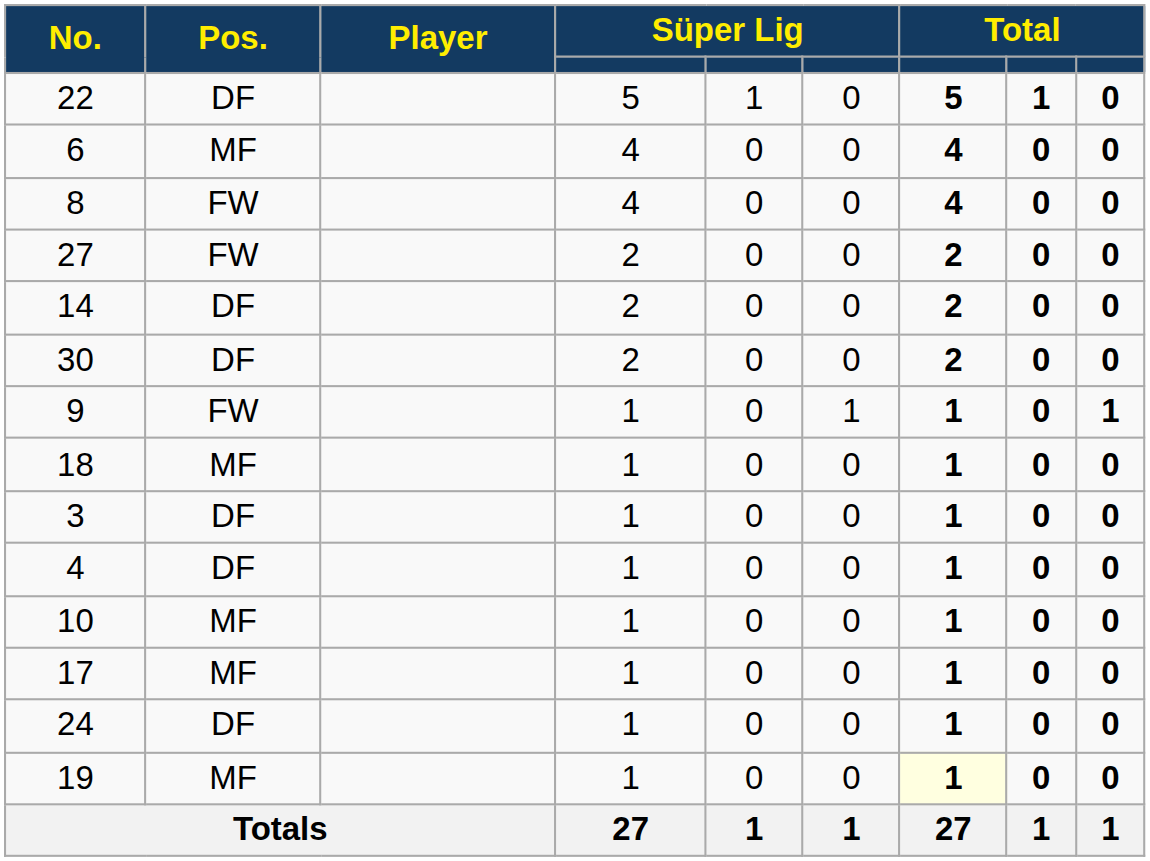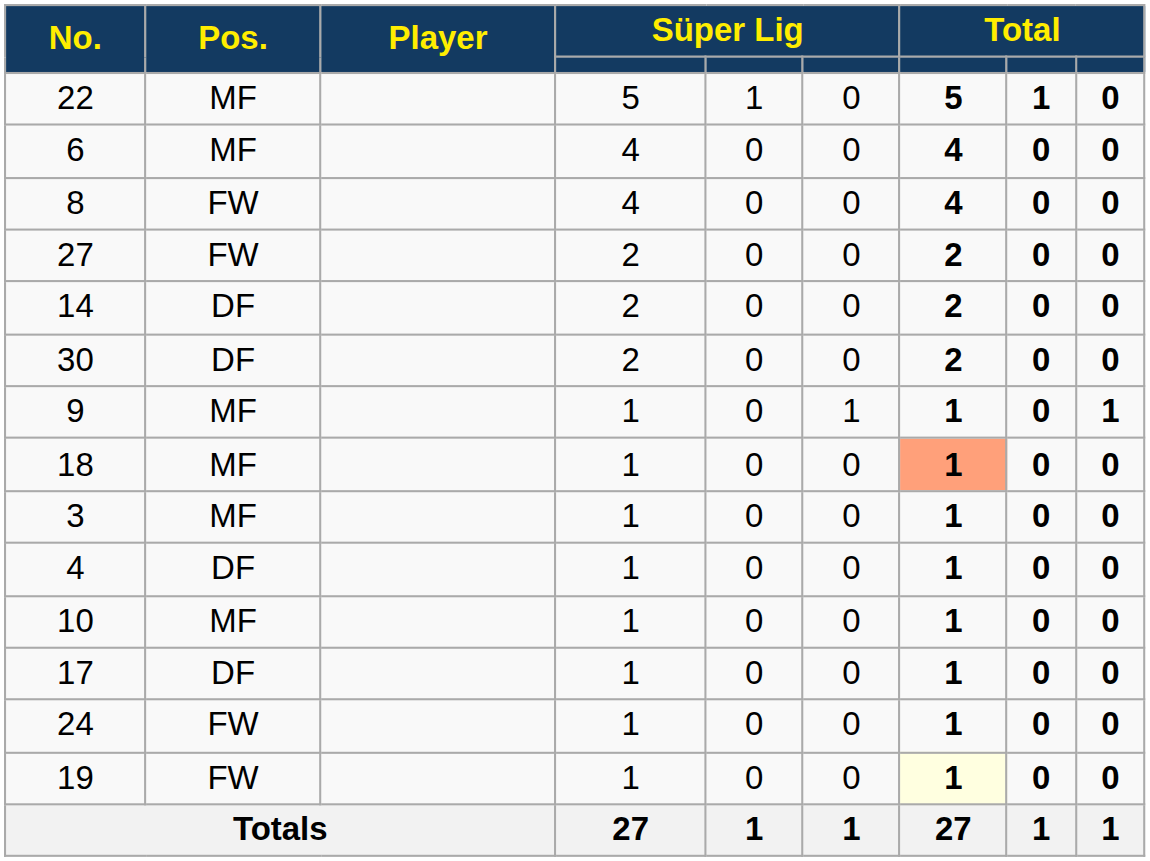 <table class="wikitable sortable" style="text-align:center;width:35%;">
 <tr>
 <th rowspan=2 style="background:#133A61; color:#FFED00; ">No.</th>
 <th rowspan=2 style="background:#133A61; color:#FFED00; ">Pos.</th>
 <th rowspan=2 style="background:#133A61; color:#FFED00; ">Player</th>
 <th colspan=3 style="background:#133A61; color:#FFED00; ">Süper Lig</th>
 <th colspan=3 style="background:#133A61; color:#FFED00; ">Total</th>
 </tr>
 <tr>
 <th style="background:#133A61; color:#FFED00; "></th>
 <th style="background:#133A61; color:#FFED00; "></th>
 <th style="background:#133A61; color:#FFED00; "></th>
 <th style="background:#133A61; color:#FFED00; "></th>
 <th style="background:#133A61; color:#FFED00; "></th>
 <th style="background:#133A61; color:#FFED00; "></th>
 </tr>
 <tr>
 <td>22</td>
-<td>DF</td>
+<td>MF</td>
 <td align=left> </td>
 <td>5</td>
 <td>1</td>
 <td>0</td>
 <td><strong>5</strong></td>
 <td><strong>1</strong></td>
 <td><strong>0</strong></td>
 </tr>
 <tr>
 <td>6</td>
 <td>MF</td>
 <td align=left> </td>
 <td>4</td>
 <td>0</td>
 <td>0</td>
 <td><strong>4</strong></td>
 <td><strong>0</strong></td>
 <td><strong>0</strong></td>
 </tr>
 <tr>
 <td>8</td>
 <td>FW</td>
 <td align=left> </td>
 <td>4</td>
 <td>0</td>
 <td>0</td>
 <td><strong>4</strong></td>
 <td><strong>0</strong></td>
 <td><strong>0</strong></td>
 </tr>
 <tr>
 <td>27</td>
 <td>FW</td>
 <td align=left> </td>
 <td>2</td>
 <td>0</td>
 <td>0</td>
 <td><strong>2</strong></td>
 <td><strong>0</strong></td>
 <td><strong>0</strong></td>
 </tr>
 <tr>
 <td>14</td>
 <td>DF</td>
 <td align=left> </td>
 <td>2</td>
 <td>0</td>
 <td>0</td>
 <td><strong>2</strong></td>
 <td><strong>0</strong></td>
 <td><strong>0</strong></td>
 </tr>
 <tr>
 <td>30</td>
 <td>DF</td>
 <td align=left> </td>
 <td>2</td>
 <td>0</td>
 <td>0</td>
 <td><strong>2</strong></td>
 <td><strong>0</strong></td>
 <td><strong>0</strong></td>
 </tr>
 <tr>
 <td>9</td>
-<td>FW</td>
+<td>MF</td>
 <td align=left> </td>
 <td>1</td>
 <td>0</td>
 <td>1</td>
 <td><strong>1</strong></td>
 <td><strong>0</strong></td>
 <td><strong>1</strong></td>
 </tr>
 <tr>
 <td>18</td>
 <td>MF</td>
 <td align=left> </td>
 <td>1</td>
 <td>0</td>
 <td>0</td>
-<td><strong>1</strong></td>
+<td style="background: lightsalmon;"><strong>1</strong></td>
 <td><strong>0</strong></td>
 <td><strong>0</strong></td>
 </tr>
 <tr>
 <td>3</td>
-<td>DF</td>
+<td>MF</td>
 <td align=left> </td>
 <td>1</td>
 <td>0</td>
 <td>0</td>
 <td><strong>1</strong></td>
 <td><strong>0</strong></td>
 <td><strong>0</strong></td>
 </tr>
 <tr>
 <td>4</td>
 <td>DF</td>
 <td align=left> </td>
 <td>1</td>
 <td>0</td>
 <td>0</td>
 <td><strong>1</strong></td>
 <td><strong>0</strong></td>
 <td><strong>0</strong></td>
 </tr>
 <tr>
 <td>10</td>
 <td>MF</td>
 <td align=left> </td>
 <td>1</td>
 <td>0</td>
 <td>0</td>
 <td><strong>1</strong></td>
 <td><strong>0</strong></td>
 <td><strong>0</strong></td>
 </tr>
 <tr>
 <td>17</td>
-<td>MF</td>
+<td>DF</td>
 <td align=left> </td>
 <td>1</td>
 <td>0</td>
 <td>0</td>
 <td><strong>1</strong></td>
 <td><strong>0</strong></td>
 <td><strong>0</strong></td>
 </tr>
 <tr>
 <td>24</td>
-<td>DF</td>
+<td>FW</td>
 <td align=left> </td>
 <td>1</td>
 <td>0</td>
 <td>0</td>
 <td><strong>1</strong></td>
 <td><strong>0</strong></td>
 <td><strong>0</strong></td>
 </tr>
 <tr>
 <td>19</td>
-<td>MF</td>
+<td>FW</td>
 <td align=left> </td>
 <td>1</td>
 <td>0</td>
 <td>0</td>
 <td style="background: lightyellow;"><strong>1</strong></td>
 <td><strong>0</strong></td>
 <td><strong>0</strong></td>
 </tr>
 <tr>
 <th colspan=3><strong>Totals</strong></th>
 <th><strong>27</strong></th>
 <th><strong>1</strong></th>
 <th><strong>1</strong></th>
 <th><strong>27</strong></th>
 <th><strong>1</strong></th>
 <th><strong>1</strong></th>
 </tr>
 </table>
